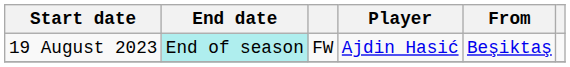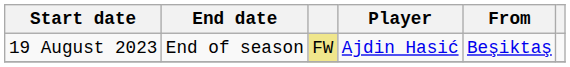 <table class="wikitable" style="text-align:center;">
 <tr>
 <th>Start date</th>
 <th>End date</th>
 <th></th>
 <th>Player</th>
 <th>From</th>
 <th></th>
 </tr>
 <tr>
 <td>19 August 2023</td>
-<td style="background: paleturquoise;">End of season</td>
-<td>FW</td>
+<td>End of season</td>
+<td style="background: khaki;">FW</td>
 <td style="text-align:left"> <a href='#'>Ajdin Hasić</a></td>
 <td style="text-align:left"> <a href='#'>Beşiktaş</a></td>
 <td></td>
 </tr>
 <tr>
 </tr>
 </table>
